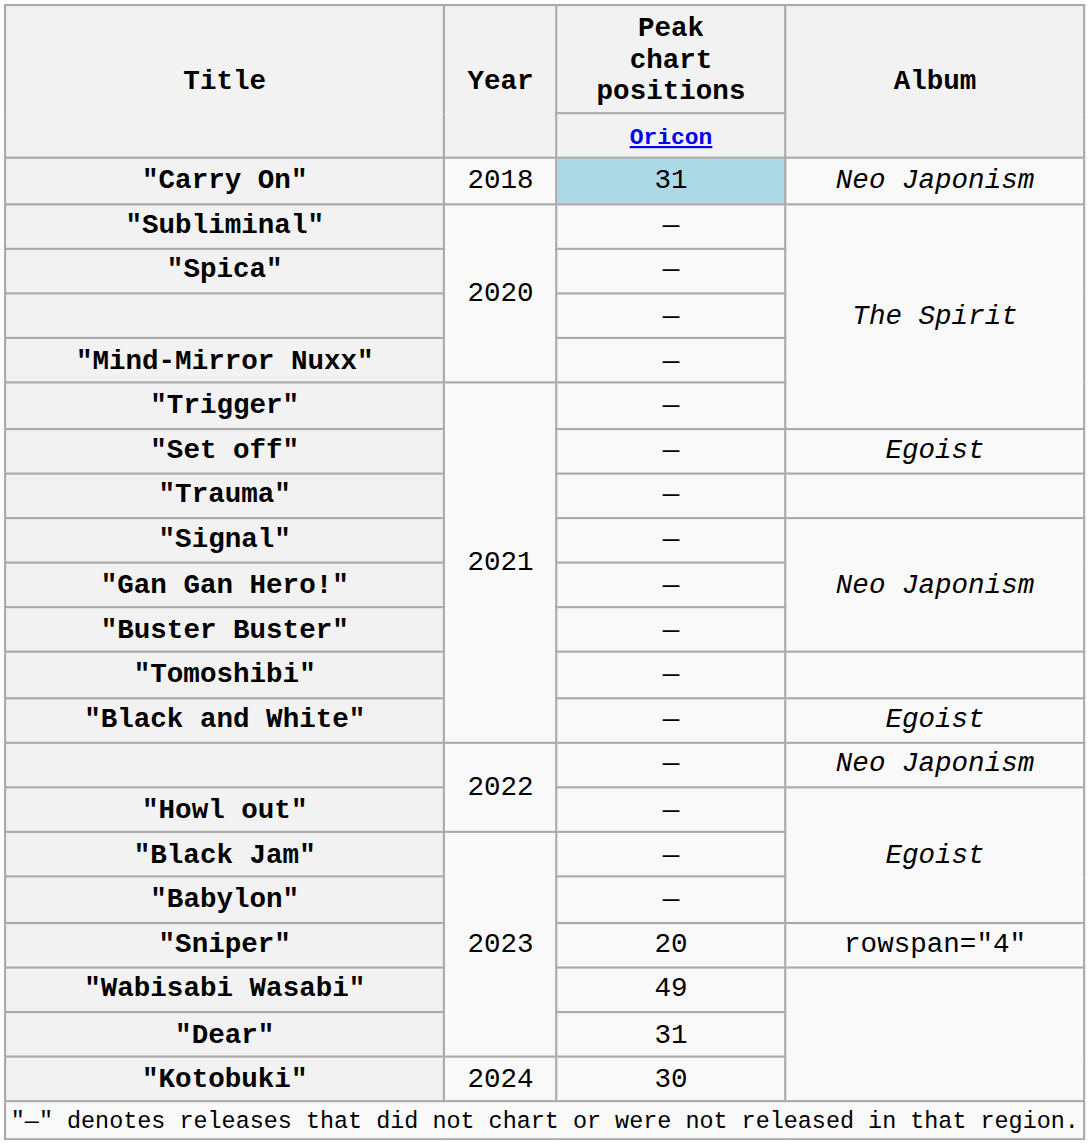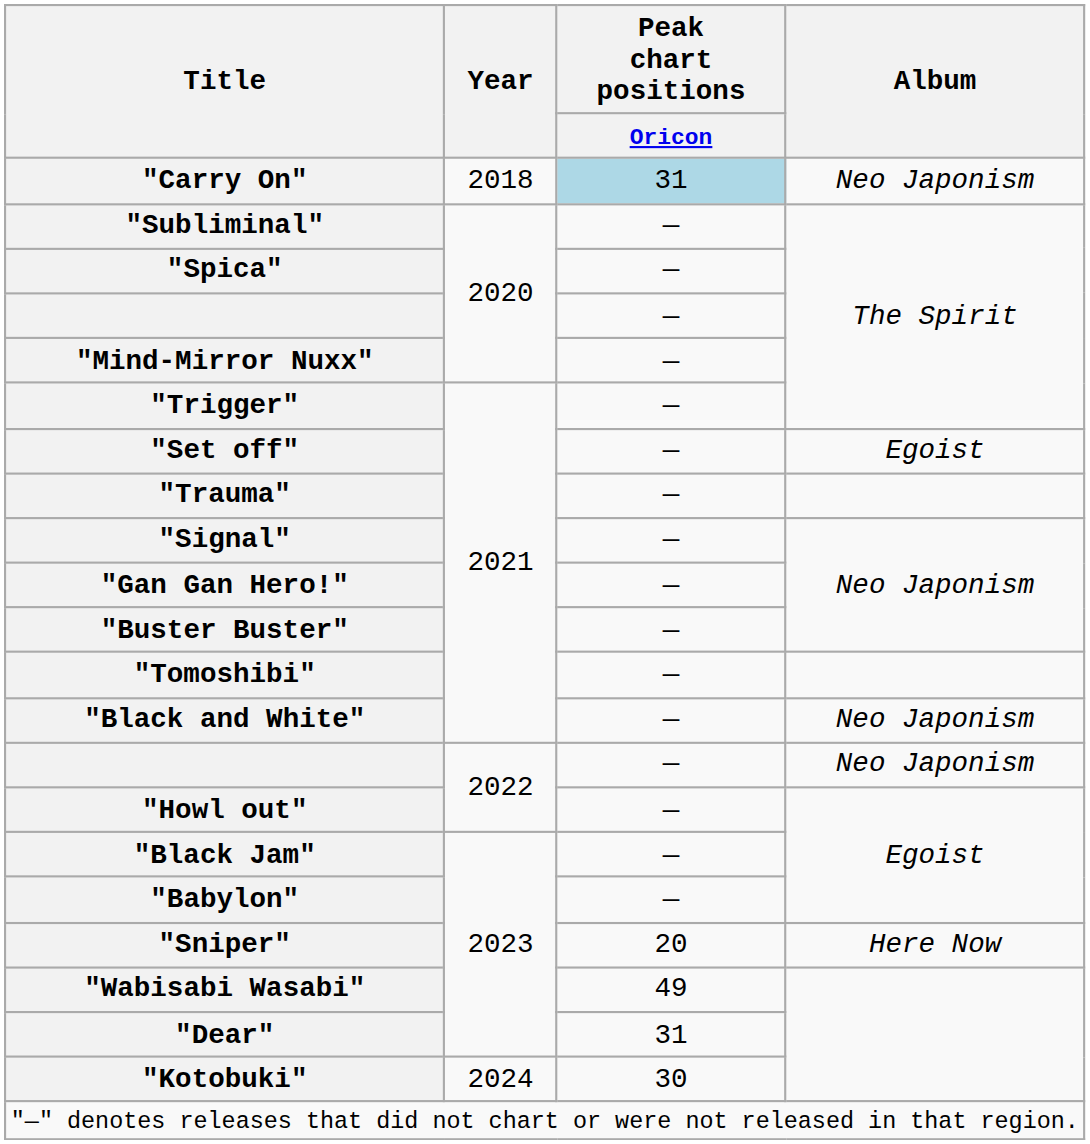 <table class="wikitable plainrowheaders" style="text-align:center;">
 <tr>
 <th scope="col" rowspan="2">Title</th>
 <th scope="col" rowspan="2">Year</th>
 <th scope="col" colspan="1">Peak <br> chart <br> positions</th>
 <th scope="col" rowspan="2">Album</th>
 </tr>
 <tr>
 <th scope="col" colspan="1"><small><a href='#'>Oricon</a></small><br></th>
 </tr>
 <tr>
 <th scope="row">"Carry On"</th>
 <td>2018</td>
 <td style="background: lightblue;">31</td>
 <td><em>Neo Japonism</em></td>
 </tr>
 <tr>
 <th scope="row">"Subliminal"</th>
 <td rowspan="4">2020</td>
 <td>—</td>
 <td rowspan="5"><em>The Spirit</em></td>
 </tr>
 <tr>
 <th scope="row">"Spica"</th>
 <td>—</td>
 </tr>
 <tr>
 <th scope="row"></th>
 <td>—</td>
 </tr>
 <tr>
 <th scope="row">"Mind-Mirror Nuxx"</th>
 <td>—</td>
 </tr>
 <tr>
 <th scope="row">"Trigger"</th>
 <td rowspan="8">2021</td>
 <td>—</td>
 </tr>
 <tr>
 <th scope="row">"Set off"</th>
 <td>—</td>
 <td><em>Egoist</em></td>
 </tr>
 <tr>
 <th scope="row">"Trauma"</th>
 <td>—</td>
 <td></td>
 </tr>
 <tr>
 <th scope="row">"Signal"</th>
 <td>—</td>
 <td rowspan="3"><em>Neo Japonism</em></td>
 </tr>
 <tr>
 <th scope="row">"Gan Gan Hero!"</th>
 <td>—</td>
 </tr>
 <tr>
 <th scope="row">"Buster Buster"</th>
 <td>—</td>
 </tr>
 <tr>
 <th scope="row">"Tomoshibi"</th>
 <td>—</td>
 <td></td>
 </tr>
 <tr>
 <th scope="row">"Black and White"</th>
 <td>—</td>
-<td><em>Egoist</em></td>
+<td><em>Neo Japonism</em></td>
 </tr>
 <tr>
 <th scope="row"></th>
 <td rowspan="2">2022</td>
 <td>—</td>
 <td><em>Neo Japonism</em></td>
 </tr>
 <tr>
 <th scope="row">"Howl out"</th>
 <td>—</td>
 <td rowspan="3"><em>Egoist</em></td>
 </tr>
 <tr>
 <th scope="row">"Black Jam"</th>
 <td rowspan="5">2023</td>
 <td>—</td>
 </tr>
 <tr>
 <th scope="row">"Babylon"</th>
 <td>—</td>
 </tr>
 <tr>
 <th scope="row">"Sniper"</th>
 <td>20</td>
-<td>rowspan="4" </td>
+<td><em>Here Now</em></td>
 </tr>
 <tr>
 <th scope="row">"Wabisabi Wasabi"</th>
 <td>49</td>
 </tr>
 <tr>
 <th scope="row">"Dear"</th>
 <td>31</td>
 </tr>
 <tr>
 <th scope="row">"Kotobuki"</th>
 <td>2024</td>
 <td>30</td>
 </tr>
 <tr>
 <td colspan="4" style="font-size:85%">"—" denotes releases that did not chart or were not released in that region.</td>
 </tr>
 </table>
